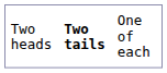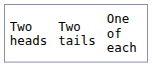 <table width="150" cellpadding="3" style="background: #ffffff; margin-bottom: 3px; border: 1px solid #8888aa">
 <tr>
 </tr>
 <tr>
 <td>Two heads</td>
-<td><strong>Two tails</strong></td>
+<td>Two tails</td>
 <td>One of each</td>
 </tr>
 <tr>
 </tr>
 </table>
